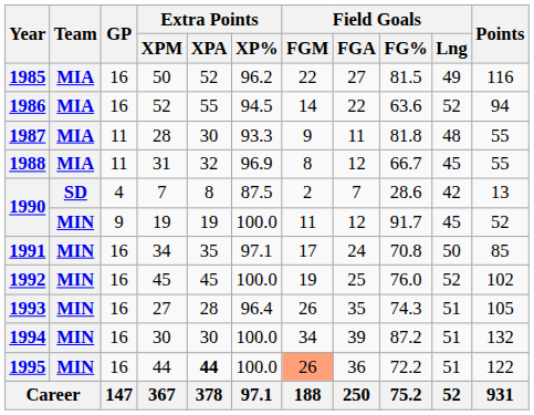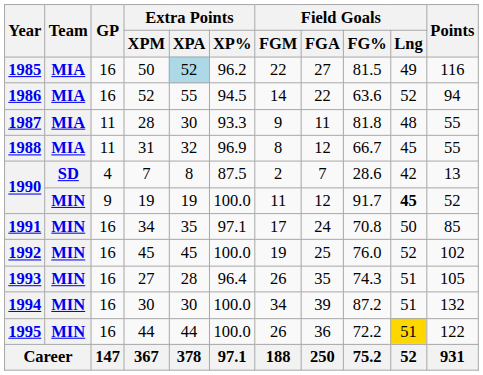 <table class="wikitable" style="text-align:center">
 <tr>
 <th rowspan="2">Year</th>
 <th rowspan="2">Team</th>
 <th rowspan="2">GP</th>
 <th colspan="3">Extra Points</th>
 <th colspan="4">Field Goals</th>
 <th rowspan="2">Points</th>
 </tr>
 <tr>
 <th>XPM</th>
 <th>XPA</th>
 <th>XP%</th>
 <th>FGM</th>
 <th>FGA</th>
 <th>FG%</th>
 <th>Lng</th>
 </tr>
 <tr>
 <th><a href='#'>1985</a></th>
 <th><a href='#'>MIA</a></th>
 <td>16</td>
 <td>50</td>
-<td>52</td>
+<td style="background: lightblue;">52</td>
 <td>96.2</td>
 <td>22</td>
 <td>27</td>
 <td>81.5</td>
 <td>49</td>
 <td>116</td>
 </tr>
 <tr>
 <th><a href='#'>1986</a></th>
 <th><a href='#'>MIA</a></th>
 <td>16</td>
 <td>52</td>
 <td>55</td>
 <td>94.5</td>
 <td>14</td>
 <td>22</td>
 <td>63.6</td>
 <td>52</td>
 <td>94</td>
 </tr>
 <tr>
 <th><a href='#'>1987</a></th>
 <th><a href='#'>MIA</a></th>
 <td>11</td>
 <td>28</td>
 <td>30</td>
 <td>93.3</td>
 <td>9</td>
 <td>11</td>
 <td>81.8</td>
 <td>48</td>
 <td>55</td>
 </tr>
 <tr>
 <th><a href='#'>1988</a></th>
 <th><a href='#'>MIA</a></th>
 <td>11</td>
 <td>31</td>
 <td>32</td>
 <td>96.9</td>
 <td>8</td>
 <td>12</td>
 <td>66.7</td>
 <td>45</td>
 <td>55</td>
 </tr>
 <tr>
 <th rowspan="2"><a href='#'>1990</a></th>
 <th><a href='#'>SD</a></th>
 <td>4</td>
 <td>7</td>
 <td>8</td>
 <td>87.5</td>
 <td>2</td>
 <td>7</td>
 <td>28.6</td>
 <td>42</td>
 <td>13</td>
 </tr>
 <tr>
 <th><a href='#'>MIN</a></th>
 <td>9</td>
 <td>19</td>
 <td>19</td>
 <td>100.0</td>
 <td>11</td>
 <td>12</td>
 <td>91.7</td>
-<td>45</td>
+<td><strong>45</strong></td>
 <td>52</td>
 </tr>
 <tr>
 <th><a href='#'>1991</a></th>
 <th><a href='#'>MIN</a></th>
 <td>16</td>
 <td>34</td>
 <td>35</td>
 <td>97.1</td>
 <td>17</td>
 <td>24</td>
 <td>70.8</td>
 <td>50</td>
 <td>85</td>
 </tr>
 <tr>
 <th><a href='#'>1992</a></th>
 <th><a href='#'>MIN</a></th>
 <td>16</td>
 <td>45</td>
 <td>45</td>
 <td>100.0</td>
 <td>19</td>
 <td>25</td>
 <td>76.0</td>
 <td>52</td>
 <td>102</td>
 </tr>
 <tr>
 <th><a href='#'>1993</a></th>
 <th><a href='#'>MIN</a></th>
 <td>16</td>
 <td>27</td>
 <td>28</td>
 <td>96.4</td>
 <td>26</td>
 <td>35</td>
 <td>74.3</td>
 <td>51</td>
 <td>105</td>
 </tr>
 <tr>
 <th><a href='#'>1994</a></th>
 <th><a href='#'>MIN</a></th>
 <td>16</td>
 <td>30</td>
 <td>30</td>
 <td>100.0</td>
 <td>34</td>
 <td>39</td>
 <td>87.2</td>
 <td>51</td>
 <td>132</td>
 </tr>
 <tr>
 <th><a href='#'>1995</a></th>
 <th><a href='#'>MIN</a></th>
 <td>16</td>
 <td>44</td>
-<td><strong>44</strong></td>
+<td>44</td>
 <td>100.0</td>
-<td style="background: lightsalmon;">26</td>
+<td>26</td>
 <td>36</td>
 <td>72.2</td>
-<td>51</td>
+<td style="background: gold;">51</td>
 <td>122</td>
 </tr>
 <tr>
 <th colspan="2">Career</th>
 <th>147</th>
 <th>367</th>
 <th>378</th>
 <th>97.1</th>
 <th>188</th>
 <th>250</th>
 <th>75.2</th>
 <th>52</th>
 <th>931</th>
 </tr>
 </table>
